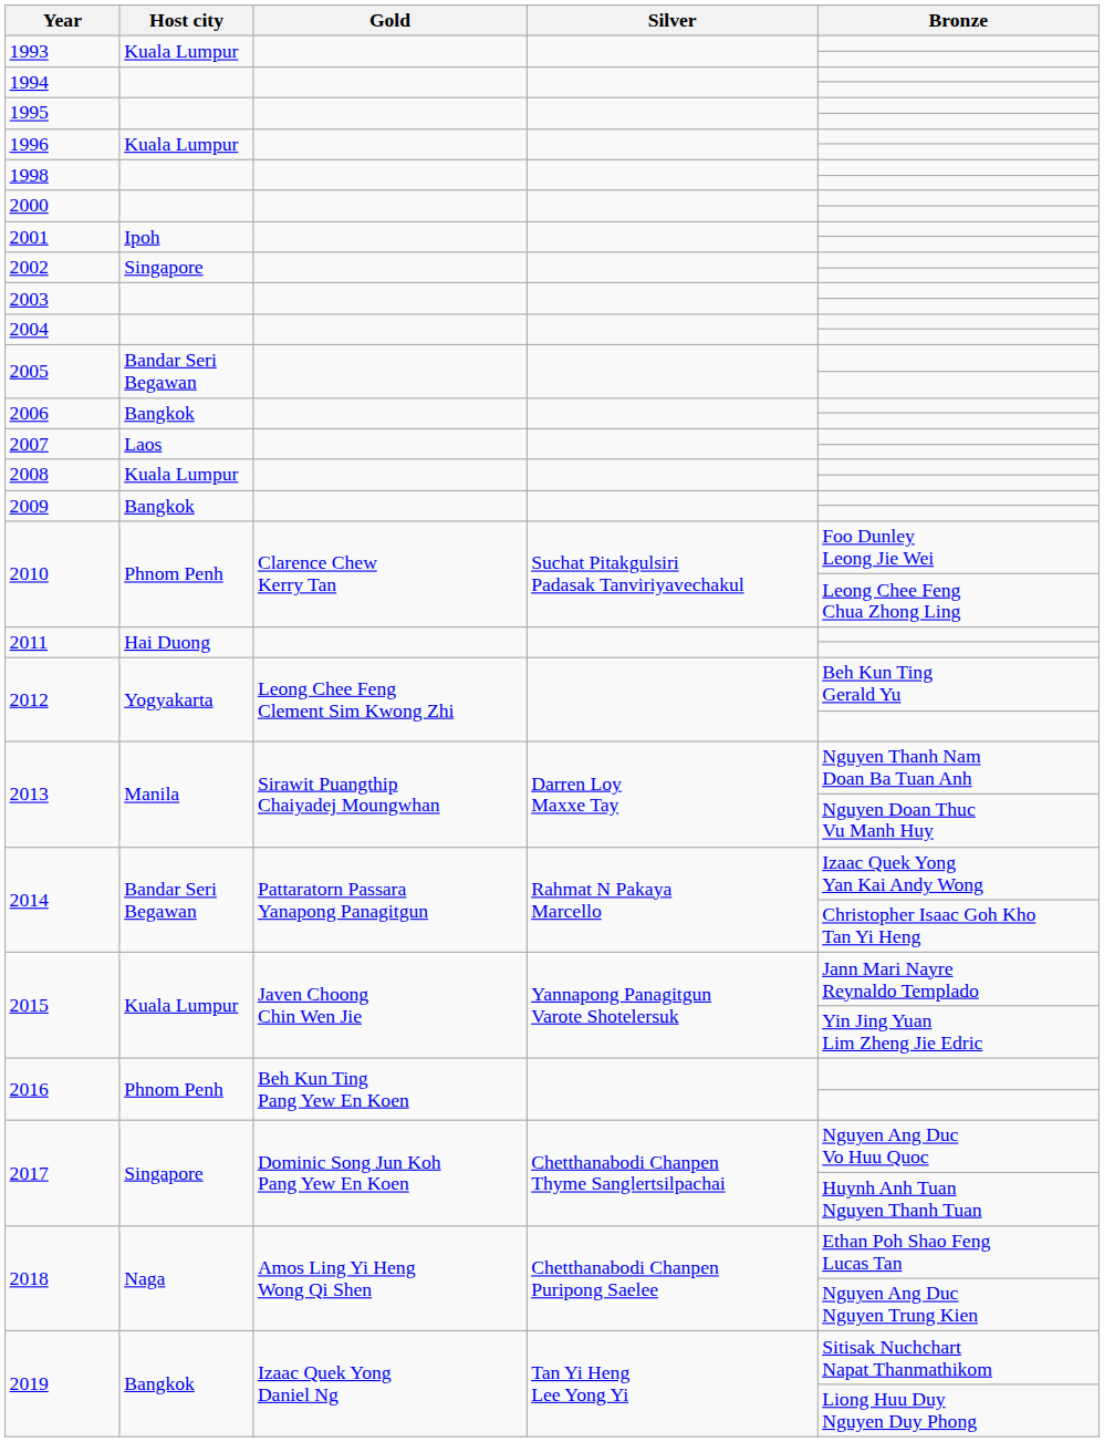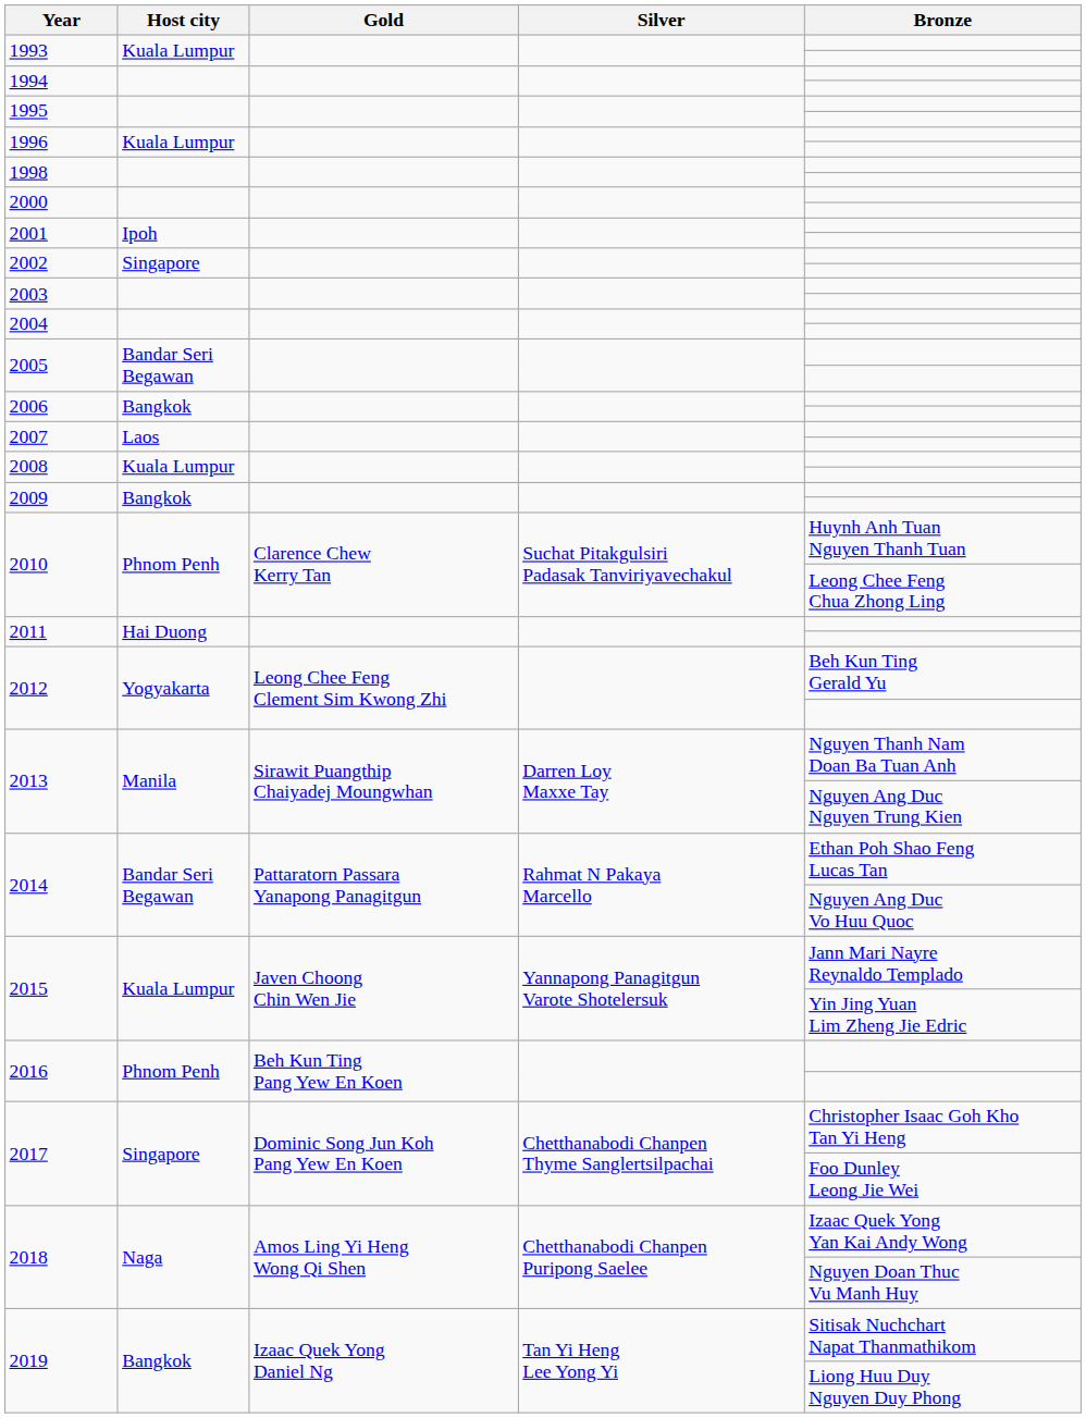 <table class="wikitable sortable" style="width:900px;">
 <tr>
 <th width="120">Year</th>
 <th width="120">Host city</th>
 <th width="300">Gold</th>
 <th width="300">Silver</th>
 <th width="300">Bronze</th>
 </tr>
 <tr>
 <td rowspan=2><a href='#'>1993</a></td>
 <td rowspan=2><a href='#'>Kuala Lumpur</a></td>
 <td rowspan=2></td>
 <td rowspan=2></td>
 <td></td>
 </tr>
 <tr>
 <td></td>
 </tr>
 <tr>
 <td rowspan=2><a href='#'>1994</a></td>
 <td rowspan=2></td>
 <td rowspan=2></td>
 <td rowspan=2></td>
 <td></td>
 </tr>
 <tr>
 <td></td>
 </tr>
 <tr>
 <td rowspan=2><a href='#'>1995</a></td>
 <td rowspan=2></td>
 <td rowspan=2></td>
 <td rowspan=2></td>
 <td></td>
 </tr>
 <tr>
 <td></td>
 </tr>
 <tr>
 <td rowspan=2><a href='#'>1996</a></td>
 <td rowspan=2><a href='#'>Kuala Lumpur</a></td>
 <td rowspan=2></td>
 <td rowspan=2></td>
 <td></td>
 </tr>
 <tr>
 <td></td>
 </tr>
 <tr>
 <td rowspan=2><a href='#'>1998</a></td>
 <td rowspan=2></td>
 <td rowspan=2></td>
 <td rowspan=2></td>
 <td></td>
 </tr>
 <tr>
 <td></td>
 </tr>
 <tr>
 <td rowspan=2><a href='#'>2000</a></td>
 <td rowspan=2></td>
 <td rowspan=2></td>
 <td rowspan=2></td>
 <td></td>
 </tr>
 <tr>
 <td></td>
 </tr>
 <tr>
 <td rowspan=2><a href='#'>2001</a></td>
 <td rowspan=2><a href='#'>Ipoh</a></td>
 <td rowspan=2></td>
 <td rowspan=2></td>
 <td></td>
 </tr>
 <tr>
 <td></td>
 </tr>
 <tr>
 <td rowspan=2><a href='#'>2002</a></td>
 <td rowspan=2><a href='#'>Singapore</a></td>
 <td rowspan=2></td>
 <td rowspan=2></td>
 <td></td>
 </tr>
 <tr>
 <td></td>
 </tr>
 <tr>
 <td rowspan=2><a href='#'>2003</a></td>
 <td rowspan=2></td>
 <td rowspan=2></td>
 <td rowspan=2></td>
 <td></td>
 </tr>
 <tr>
 <td></td>
 </tr>
 <tr>
 <td rowspan=2><a href='#'>2004</a></td>
 <td rowspan=2></td>
 <td rowspan=2></td>
 <td rowspan=2></td>
 <td></td>
 </tr>
 <tr>
 <td></td>
 </tr>
 <tr>
 <td rowspan=2><a href='#'>2005</a></td>
 <td rowspan=2><a href='#'>Bandar Seri Begawan</a></td>
 <td rowspan=2></td>
 <td rowspan=2></td>
 <td></td>
 </tr>
 <tr>
 <td></td>
 </tr>
 <tr>
 <td rowspan=2><a href='#'>2006</a></td>
 <td rowspan=2><a href='#'>Bangkok</a></td>
 <td rowspan=2></td>
 <td rowspan=2></td>
 <td></td>
 </tr>
 <tr>
 <td></td>
 </tr>
 <tr>
 <td rowspan=2><a href='#'>2007</a></td>
 <td rowspan=2><a href='#'>Laos</a></td>
 <td rowspan=2></td>
 <td rowspan=2></td>
 <td></td>
 </tr>
 <tr>
 <td></td>
 </tr>
 <tr>
 <td rowspan=2><a href='#'>2008</a></td>
 <td rowspan=2><a href='#'>Kuala Lumpur</a></td>
 <td rowspan=2></td>
 <td rowspan=2></td>
 <td></td>
 </tr>
 <tr>
 <td></td>
 </tr>
 <tr>
 <td rowspan=2><a href='#'>2009</a></td>
 <td rowspan=2><a href='#'>Bangkok</a></td>
 <td rowspan=2></td>
 <td rowspan=2></td>
 <td></td>
 </tr>
 <tr>
 <td></td>
 </tr>
 <tr>
 <td rowspan=2><a href='#'>2010</a></td>
 <td rowspan=2><a href='#'>Phnom Penh</a></td>
 <td rowspan=2> <a href='#'>Clarence Chew</a><br> <a href='#'>Kerry Tan</a></td>
 <td rowspan=2> <a href='#'>Suchat Pitakgulsiri</a><br> <a href='#'>Padasak Tanviriyavechakul</a></td>
-<td> <a href='#'>Foo Dunley</a><br> <a href='#'>Leong Jie Wei</a></td>
+<td> <a href='#'>Huynh Anh Tuan</a><br> <a href='#'>Nguyen Thanh Tuan</a></td>
 </tr>
 <tr>
 <td> <a href='#'>Leong Chee Feng</a><br> <a href='#'>Chua Zhong Ling</a></td>
 </tr>
 <tr>
 <td rowspan=2><a href='#'>2011</a></td>
 <td rowspan=2><a href='#'>Hai Duong</a></td>
 <td rowspan=2></td>
 <td rowspan=2></td>
 <td></td>
 </tr>
 <tr>
 <td></td>
 </tr>
 <tr>
 <td rowspan=2><a href='#'>2012</a></td>
 <td rowspan=2><a href='#'>Yogyakarta</a></td>
 <td rowspan=2> <a href='#'>Leong Chee Feng</a><br> <a href='#'>Clement Sim Kwong Zhi</a></td>
 <td rowspan=2><br></td>
 <td> <a href='#'>Beh Kun Ting</a><br> <a href='#'>Gerald Yu</a></td>
 </tr>
 <tr>
 <td><br></td>
 </tr>
 <tr>
 <td rowspan=2><a href='#'>2013</a></td>
 <td rowspan=2><a href='#'>Manila</a></td>
 <td rowspan=2> <a href='#'>Sirawit Puangthip</a><br> <a href='#'>Chaiyadej Moungwhan</a></td>
 <td rowspan=2> <a href='#'>Darren Loy</a><br> <a href='#'>Maxxe Tay</a></td>
 <td> <a href='#'>Nguyen Thanh Nam</a><br> <a href='#'>Doan Ba Tuan Anh</a></td>
 </tr>
 <tr>
-<td> <a href='#'>Nguyen Doan Thuc</a><br> <a href='#'>Vu Manh Huy</a></td>
+<td> <a href='#'>Nguyen Ang Duc</a><br> <a href='#'>Nguyen Trung Kien</a></td>
 </tr>
 <tr>
 <td rowspan=2><a href='#'>2014</a></td>
 <td rowspan=2><a href='#'>Bandar Seri Begawan</a></td>
 <td rowspan=2> <a href='#'>Pattaratorn Passara</a><br> <a href='#'>Yanapong Panagitgun</a></td>
 <td rowspan=2> <a href='#'>Rahmat N Pakaya</a><br> <a href='#'>Marcello</a></td>
-<td> <a href='#'>Izaac Quek Yong</a><br> <a href='#'>Yan Kai Andy Wong</a></td>
+<td> <a href='#'>Ethan Poh Shao Feng</a><br> <a href='#'>Lucas Tan</a></td>
 </tr>
 <tr>
-<td> <a href='#'>Christopher Isaac Goh Kho</a><br> <a href='#'>Tan Yi Heng</a></td>
+<td> <a href='#'>Nguyen Ang Duc</a><br> <a href='#'>Vo Huu Quoc</a></td>
 </tr>
 <tr>
 <td rowspan=2><a href='#'>2015</a></td>
 <td rowspan=2><a href='#'>Kuala Lumpur</a></td>
 <td rowspan=2> <a href='#'>Javen Choong</a><br> <a href='#'>Chin Wen Jie</a></td>
 <td rowspan=2> <a href='#'>Yannapong Panagitgun</a><br> <a href='#'>Varote Shotelersuk</a></td>
 <td> <a href='#'>Jann Mari Nayre</a><br> <a href='#'>Reynaldo Templado</a></td>
 </tr>
 <tr>
 <td> <a href='#'>Yin Jing Yuan</a><br> <a href='#'>Lim Zheng Jie Edric</a></td>
 </tr>
 <tr>
 <td rowspan=2><a href='#'>2016</a></td>
 <td rowspan=2><a href='#'>Phnom Penh</a></td>
 <td rowspan=2> <a href='#'>Beh Kun Ting</a><br> <a href='#'>Pang Yew En Koen</a></td>
 <td rowspan=2> <br></td>
 <td> <br></td>
 </tr>
 <tr>
 <td> <br></td>
 </tr>
 <tr>
 <td rowspan=2><a href='#'>2017</a></td>
 <td rowspan=2><a href='#'>Singapore</a></td>
 <td rowspan=2> <a href='#'>Dominic Song Jun Koh</a><br> <a href='#'>Pang Yew En Koen</a></td>
 <td rowspan=2> <a href='#'>Chetthanabodi Chanpen</a><br> <a href='#'>Thyme Sanglertsilpachai</a></td>
-<td> <a href='#'>Nguyen Ang Duc</a><br> <a href='#'>Vo Huu Quoc</a></td>
+<td> <a href='#'>Christopher Isaac Goh Kho</a><br> <a href='#'>Tan Yi Heng</a></td>
 </tr>
 <tr>
-<td> <a href='#'>Huynh Anh Tuan</a><br> <a href='#'>Nguyen Thanh Tuan</a></td>
+<td> <a href='#'>Foo Dunley</a><br> <a href='#'>Leong Jie Wei</a></td>
 </tr>
 <tr>
 <td rowspan=2><a href='#'>2018</a></td>
 <td rowspan=2><a href='#'>Naga</a></td>
 <td rowspan=2> <a href='#'>Amos Ling Yi Heng</a><br> <a href='#'>Wong Qi Shen</a></td>
 <td rowspan=2> <a href='#'>Chetthanabodi Chanpen</a><br> <a href='#'>Puripong Saelee</a></td>
-<td> <a href='#'>Ethan Poh Shao Feng</a><br> <a href='#'>Lucas Tan</a></td>
+<td> <a href='#'>Izaac Quek Yong</a><br> <a href='#'>Yan Kai Andy Wong</a></td>
 </tr>
 <tr>
-<td> <a href='#'>Nguyen Ang Duc</a><br> <a href='#'>Nguyen Trung Kien</a></td>
+<td> <a href='#'>Nguyen Doan Thuc</a><br> <a href='#'>Vu Manh Huy</a></td>
 </tr>
 <tr>
 <td rowspan=2><a href='#'>2019</a></td>
 <td rowspan=2><a href='#'>Bangkok</a></td>
 <td rowspan=2> <a href='#'>Izaac Quek Yong</a><br> <a href='#'>Daniel Ng</a></td>
 <td rowspan=2> <a href='#'>Tan Yi Heng</a><br> <a href='#'>Lee Yong Yi</a></td>
 <td> <a href='#'>Sitisak Nuchchart</a><br> <a href='#'>Napat Thanmathikom</a></td>
 </tr>
 <tr>
 <td> <a href='#'>Liong Huu Duy</a><br> <a href='#'>Nguyen Duy Phong</a></td>
 </tr>
 </table>
